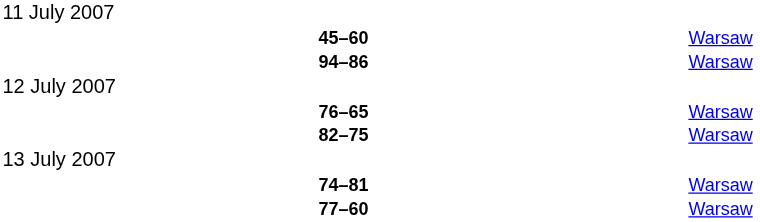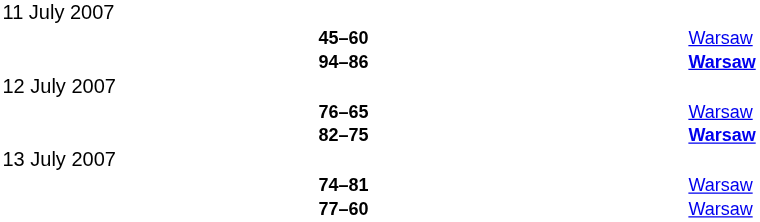 <table style="width:100%;" cellspacing="1">
 <tr>
 <th width=25%></th>
 <th width=3%></th>
 <th width=6%></th>
 <th width=3%></th>
 <th width=25%></th>
 </tr>
 <tr>
 <td>11 July 2007</td>
 </tr>
 <tr style=font-size:90%>
 <td align=right><strong></strong></td>
 <td></td>
 <td align=center><strong>45–60</strong></td>
 <td></td>
 <td><strong></strong></td>
 <td><a href='#'>Warsaw</a></td>
 </tr>
 <tr style=font-size:90%>
 <td align=right><strong></strong></td>
 <td></td>
 <td align=center><strong>94–86</strong></td>
 <td></td>
 <td><strong></strong></td>
-<td><a href='#'>Warsaw</a></td>
+<td><strong><a href='#'>Warsaw</a></strong></td>
 </tr>
 <tr>
 <td>12 July 2007</td>
 </tr>
 <tr style=font-size:90%>
 <td align=right><strong></strong></td>
 <td></td>
 <td align=center><strong>76–65</strong></td>
 <td></td>
 <td><strong></strong></td>
 <td><a href='#'>Warsaw</a></td>
 </tr>
 <tr style=font-size:90%>
 <td align=right><strong></strong></td>
 <td></td>
 <td align=center><strong>82–75</strong></td>
 <td></td>
 <td><strong></strong></td>
-<td><a href='#'>Warsaw</a></td>
+<td><strong><a href='#'>Warsaw</a></strong></td>
 </tr>
 <tr>
 <td>13 July 2007</td>
 </tr>
 <tr style=font-size:90%>
 <td align=right><strong></strong></td>
 <td></td>
 <td align=center><strong>74–81</strong></td>
 <td></td>
 <td><strong></strong></td>
 <td><a href='#'>Warsaw</a></td>
 </tr>
 <tr style=font-size:90%>
 <td align=right><strong></strong></td>
 <td></td>
 <td align=center><strong>77–60</strong></td>
 <td></td>
 <td><strong></strong></td>
 <td><a href='#'>Warsaw</a></td>
 </tr>
 </table>
